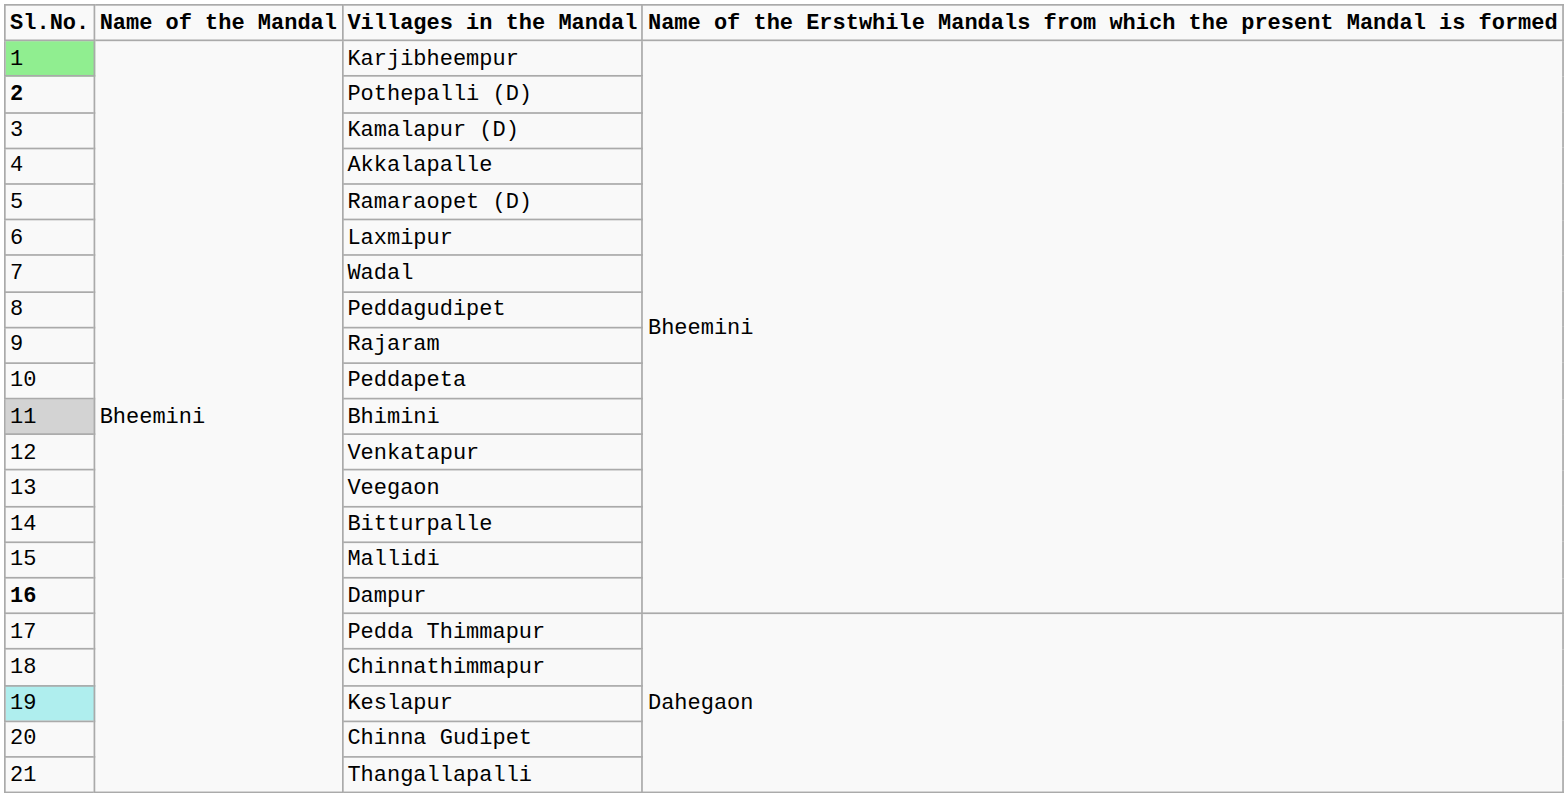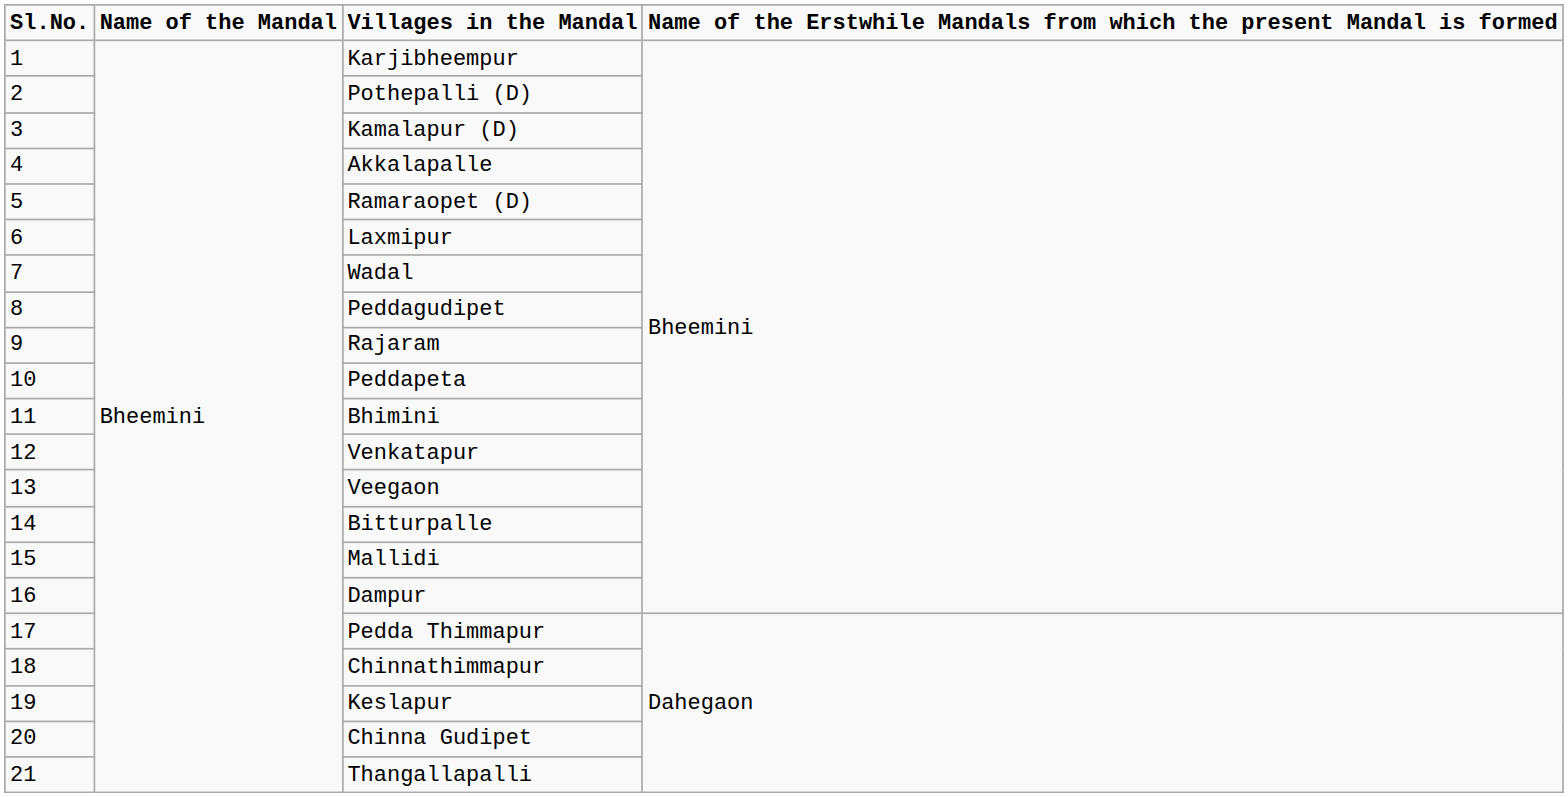 <table class="wikitable">
 <tr>
 <td><strong>  Sl.No.</strong></td>
 <td><strong>    Name of the Mandal</strong></td>
 <td><strong>      Villages in the Mandal</strong></td>
 <td><strong>  Name of the Erstwhile Mandals from which the present Mandal is formed</strong></td>
 </tr>
 <tr>
-<td style="background: lightgreen;">1</td>
+<td>1</td>
 <td rowspan="21">Bheemini</td>
 <td>Karjibheempur</td>
 <td rowspan="16">Bheemini</td>
 </tr>
 <tr>
-<td><strong>2</strong></td>
+<td>2</td>
 <td>Pothepalli (D)</td>
 </tr>
 <tr>
 <td>3</td>
 <td>Kamalapur (D)</td>
 </tr>
 <tr>
 <td>4</td>
 <td>Akkalapalle</td>
 </tr>
 <tr>
 <td>5</td>
 <td>Ramaraopet (D)</td>
 </tr>
 <tr>
 <td>6</td>
 <td>Laxmipur</td>
 </tr>
 <tr>
 <td>7</td>
 <td>Wadal</td>
 </tr>
 <tr>
 <td>8</td>
 <td>Peddagudipet</td>
 </tr>
 <tr>
 <td>9</td>
 <td>Rajaram</td>
 </tr>
 <tr>
 <td>10</td>
 <td>Peddapeta</td>
 </tr>
 <tr>
-<td style="background: lightgrey;">11</td>
+<td>11</td>
 <td>Bhimini</td>
 </tr>
 <tr>
 <td>12</td>
 <td>Venkatapur</td>
 </tr>
 <tr>
 <td>13</td>
 <td>Veegaon</td>
 </tr>
 <tr>
 <td>14</td>
 <td>Bitturpalle</td>
 </tr>
 <tr>
 <td>15</td>
 <td>Mallidi</td>
 </tr>
 <tr>
-<td><strong>16</strong></td>
+<td>16</td>
 <td>Dampur</td>
 </tr>
 <tr>
 <td>17</td>
 <td>Pedda Thimmapur</td>
 <td rowspan="5">Dahegaon</td>
 </tr>
 <tr>
 <td>18</td>
 <td>Chinnathimmapur</td>
 </tr>
 <tr>
-<td style="background: paleturquoise;">19</td>
+<td>19</td>
 <td>Keslapur</td>
 </tr>
 <tr>
 <td>20</td>
 <td>Chinna Gudipet</td>
 </tr>
 <tr>
 <td>21</td>
 <td>Thangallapalli</td>
 </tr>
 </table>
